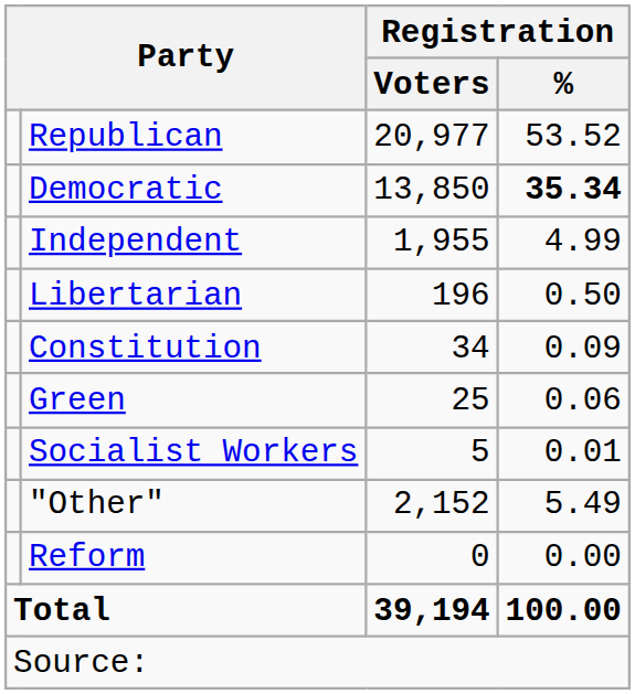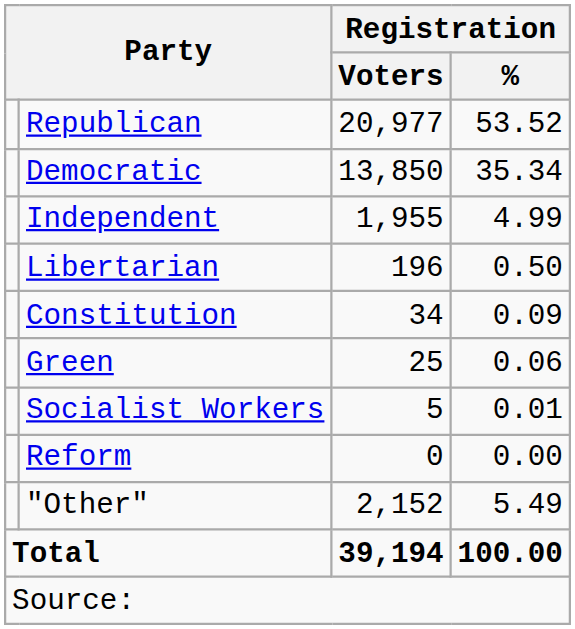 <table class="wikitable">
 <tr>
 <th colspan="2" rowspan="2">Party</th>
 <th colspan="2">Registration</th>
 </tr>
 <tr>
 <th>Voters</th>
 <th>%</th>
 </tr>
 <tr>
 <td style="background-color:"></td>
 <td><a href='#'>Republican</a></td>
 <td style="text-align:right;">20,977</td>
 <td style="text-align:right;">53.52</td>
 </tr>
 <tr>
 <td style="background-color:"></td>
 <td><a href='#'>Democratic</a></td>
 <td style="text-align:right;">13,850</td>
-<td style="text-align:right;"><strong>35.34</strong></td>
+<td style="text-align:right;">35.34</td>
 </tr>
 <tr>
 <td style="background-color:"></td>
 <td><a href='#'>Independent</a></td>
 <td style="text-align:right;">1,955</td>
 <td style="text-align:right;">4.99</td>
 </tr>
 <tr>
 <td style="background-color:"></td>
 <td><a href='#'>Libertarian</a></td>
 <td style="text-align:right;">196</td>
 <td style="text-align:right;">0.50</td>
 </tr>
 <tr>
 <td style="background-color:"></td>
 <td><a href='#'>Constitution</a></td>
 <td style="text-align:right;">34</td>
 <td style="text-align:right;">0.09</td>
 </tr>
 <tr>
 <td style="background-color:"></td>
 <td><a href='#'>Green</a></td>
 <td style="text-align:right;">25</td>
 <td style="text-align:right;">0.06</td>
 </tr>
 <tr>
 <td style="background-color:"></td>
 <td><a href='#'>Socialist Workers</a></td>
 <td style="text-align:right;">5</td>
 <td style="text-align:right;">0.01</td>
 </tr>
 <tr>
+<td style="background-color:"></td>
+<td><a href='#'>Reform</a></td>
+<td style="text-align:right;">0</td>
+<td style="text-align:right;">0.00</td>
+</tr>
+<tr>
 <td></td>
 <td>"Other"</td>
 <td style="text-align:right;">2,152</td>
 <td style="text-align:right;">5.49</td>
-</tr>
-<tr>
-<td style="background-color:"></td>
-<td><a href='#'>Reform</a></td>
-<td style="text-align:right;">0</td>
-<td style="text-align:right;">0.00</td>
 </tr>
 <tr>
 <td colspan="2"><strong>Total</strong></td>
 <td style="text-align:right;"><strong>39,194</strong></td>
 <td style="text-align:right;"><strong>100.00</strong></td>
 </tr>
 <tr>
 <td colspan="4">Source: <em></em></td>
 </tr>
 </table>
